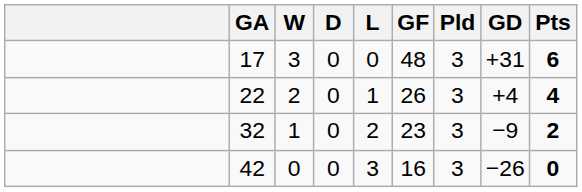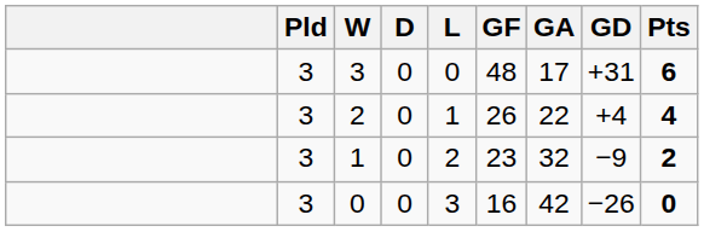 <table class="wikitable" style="text-align:center;">
 <tr>
 <th width=150></th>
-<th width=20>GA</th>
+<th width=20>Pld</th>
 <th width=20>W</th>
 <th width=20>D</th>
 <th width=20>L</th>
 <th width=20>GF</th>
-<th width=20>Pld</th>
+<th width=20>GA</th>
 <th width=20>GD</th>
 <th width=20>Pts</th>
 </tr>
 <tr>
 <td align="left"></td>
-<td>17</td>
+<td>3</td>
 <td>3</td>
 <td>0</td>
 <td>0</td>
 <td>48</td>
-<td>3</td>
+<td>17</td>
 <td>+31</td>
 <td><strong>6</strong></td>
 </tr>
 <tr>
 <td align="left"></td>
-<td>22</td>
+<td>3</td>
 <td>2</td>
 <td>0</td>
 <td>1</td>
 <td>26</td>
-<td>3</td>
+<td>22</td>
 <td>+4</td>
 <td><strong>4</strong></td>
 </tr>
 <tr>
 <td align="left"></td>
-<td>32</td>
+<td>3</td>
 <td>1</td>
 <td>0</td>
 <td>2</td>
 <td>23</td>
-<td>3</td>
+<td>32</td>
 <td>−9</td>
 <td><strong>2</strong></td>
 </tr>
 <tr>
 <td align="left"></td>
-<td>42</td>
+<td>3</td>
 <td>0</td>
 <td>0</td>
 <td>3</td>
 <td>16</td>
-<td>3</td>
+<td>42</td>
 <td>−26</td>
 <td><strong>0</strong></td>
 </tr>
 </table>
